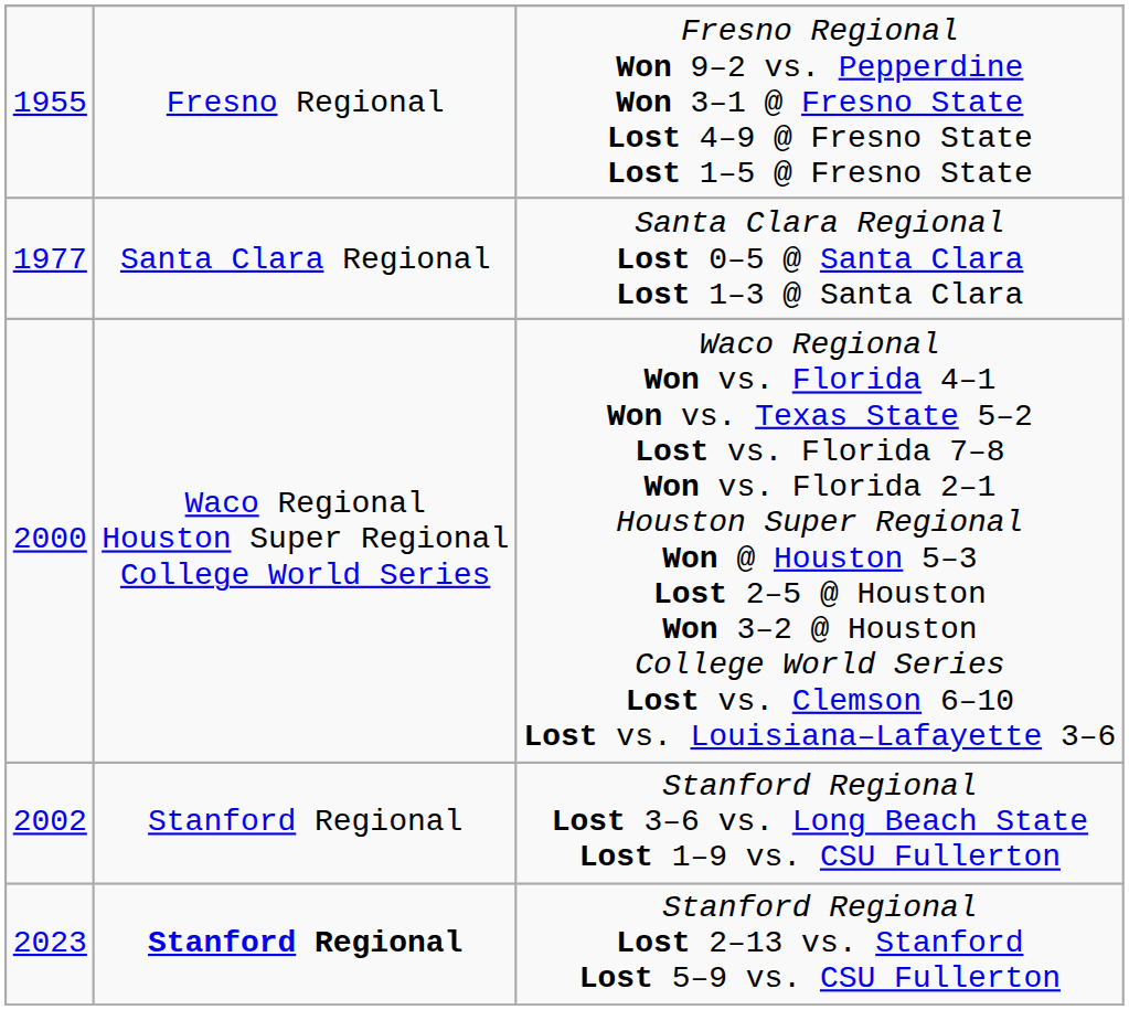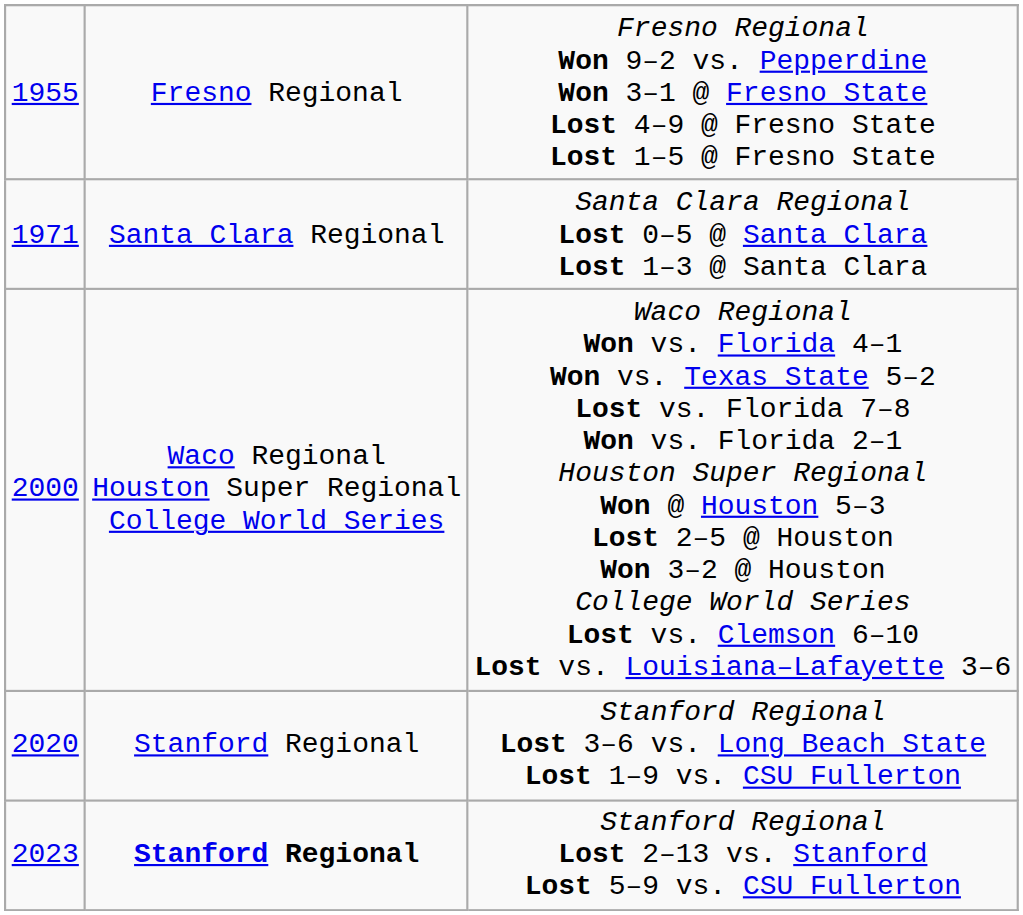 <table class="wikitable" style="text-align:center;">
 <tr>
 </tr>
 <tr style="text-align:center;">
 <td><a href='#'>1955</a></td>
 <td><a href='#'>Fresno</a> Regional</td>
 <td><em>Fresno Regional</em> <br> <strong>Won</strong> 9–2 vs. <a href='#'>Pepperdine</a> <br> <strong>Won</strong> 3–1 @ <a href='#'>Fresno State</a> <br> <strong>Lost</strong> 4–9 @ Fresno State <br> <strong>Lost</strong> 1–5 @ Fresno State</td>
 </tr>
 <tr style="text-align:center;">
-<td><a href='#'>1977</a></td>
+<td><a href='#'>1971</a></td>
 <td><a href='#'>Santa Clara</a> Regional</td>
 <td><em>Santa Clara Regional</em> <br> <strong>Lost</strong> 0–5 @ <a href='#'>Santa Clara</a> <br> <strong>Lost</strong> 1–3 @ Santa Clara</td>
 </tr>
 <tr style="text-align:center;">
 <td><a href='#'>2000</a></td>
 <td><a href='#'>Waco</a> Regional <br> <a href='#'>Houston</a> Super Regional <br> <a href='#'>College World Series</a></td>
 <td><em>Waco Regional</em> <br> <strong>Won</strong> vs. <a href='#'>Florida</a> 4–1 <br> <strong>Won</strong> vs. <a href='#'>Texas State</a> 5–2 <br> <strong>Lost</strong> vs. Florida 7–8 <br> <strong>Won</strong> vs. Florida 2–1 <br> <em>Houston Super Regional</em> <br> <strong>Won</strong> @ <a href='#'>Houston</a> 5–3 <br> <strong>Lost</strong> 2–5 @ Houston <br> <strong>Won</strong> 3–2 @ Houston <br> <em>College World Series</em> <br> <strong>Lost</strong> vs. <a href='#'>Clemson</a> 6–10 <br> <strong>Lost</strong> vs. <a href='#'>Louisiana–Lafayette</a> 3–6</td>
 </tr>
 <tr style="text-align:center;">
-<td><a href='#'>2002</a></td>
+<td><a href='#'>2020</a></td>
 <td><a href='#'>Stanford</a> Regional</td>
 <td><em>Stanford Regional</em> <br> <strong>Lost</strong> 3–6 vs. <a href='#'>Long Beach State</a> <br> <strong>Lost</strong> 1–9 vs. <a href='#'>CSU Fullerton</a></td>
 </tr>
 <tr>
 <td><a href='#'>2023</a></td>
 <td><strong><a href='#'>Stanford</a> Regional</strong></td>
 <td><em>Stanford Regional</em> <br> <strong>Lost</strong> 2–13 vs. <a href='#'>Stanford</a> <br> <strong>Lost</strong> 5–9 vs. <a href='#'>CSU Fullerton</a><br></td>
 </tr>
 </table>
